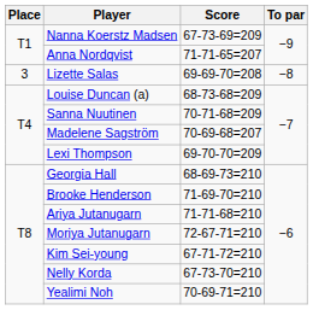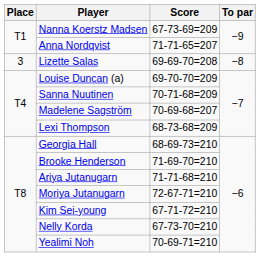 <table class="wikitable">
 <tr>
 <th>Place</th>
 <th>Player</th>
 <th>Score</th>
 <th>To par</th>
 </tr>
 <tr>
 <td align=center rowspan=2>T1</td>
 <td> <a href='#'>Nanna Koerstz Madsen</a></td>
 <td>67-73-69=209</td>
 <td align=center rowspan=2>−9</td>
 </tr>
 <tr>
 <td> <a href='#'>Anna Nordqvist</a></td>
 <td>71-71-65=207</td>
 </tr>
 <tr>
 <td align=center>3</td>
 <td> <a href='#'>Lizette Salas</a></td>
 <td>69-69-70=208</td>
 <td align=center>−8</td>
 </tr>
 <tr>
 <td align=center rowspan=4>T4</td>
 <td> <a href='#'>Louise Duncan</a> (a)</td>
-<td>68-73-68=209</td>
+<td>69-70-70=209</td>
 <td align=center rowspan=4>−7</td>
 </tr>
 <tr>
 <td> <a href='#'>Sanna Nuutinen</a></td>
 <td>70-71-68=209</td>
 </tr>
 <tr>
 <td> <a href='#'>Madelene Sagström</a></td>
 <td>70-69-68=207</td>
 </tr>
 <tr>
 <td> <a href='#'>Lexi Thompson</a></td>
-<td>69-70-70=209</td>
+<td>68-73-68=209</td>
 </tr>
 <tr>
 <td align=center rowspan=7>T8</td>
 <td> <a href='#'>Georgia Hall</a></td>
 <td>68-69-73=210</td>
 <td align=center rowspan=7>−6</td>
 </tr>
 <tr>
 <td> <a href='#'>Brooke Henderson</a></td>
 <td>71-69-70=210</td>
 </tr>
 <tr>
 <td> <a href='#'>Ariya Jutanugarn</a></td>
 <td>71-71-68=210</td>
 </tr>
 <tr>
 <td> <a href='#'>Moriya Jutanugarn</a></td>
 <td>72-67-71=210</td>
 </tr>
 <tr>
 <td> <a href='#'>Kim Sei-young</a></td>
 <td>67-71-72=210</td>
 </tr>
 <tr>
 <td> <a href='#'>Nelly Korda</a></td>
 <td>67-73-70=210</td>
 </tr>
 <tr>
 <td> <a href='#'>Yealimi Noh</a></td>
 <td>70-69-71=210</td>
 </tr>
 </table>
